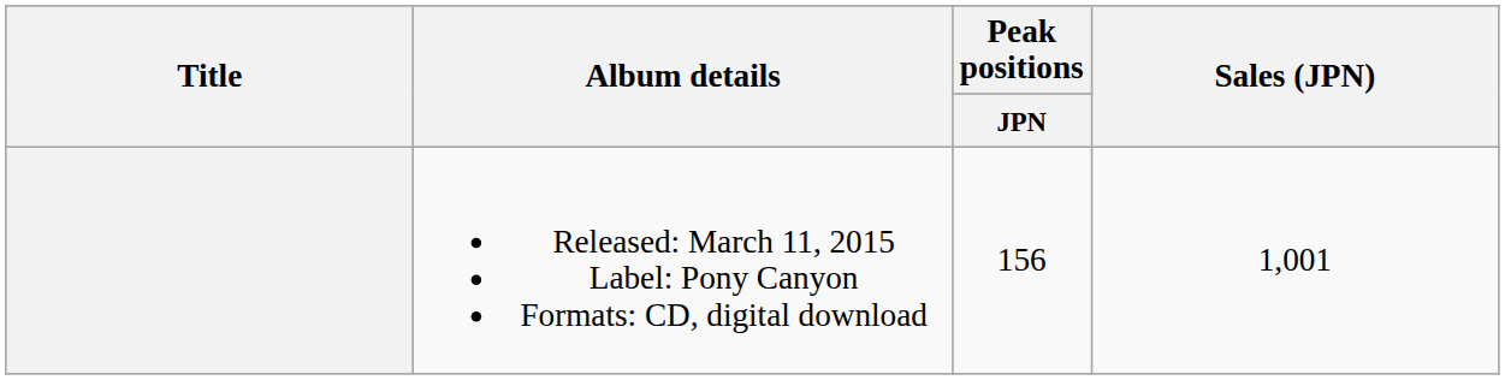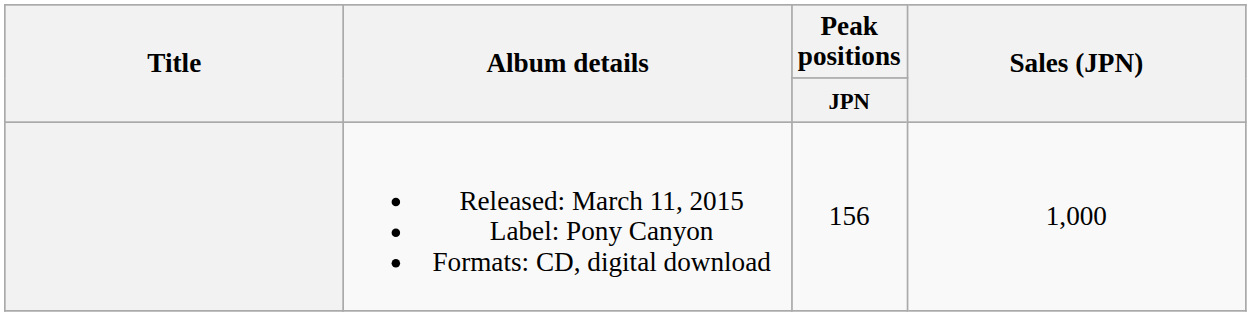 <table class="wikitable plainrowheaders" style="text-align:center;">
 <tr>
 <th style="width:12em;" rowspan="2">Title</th>
 <th style="width:16em;" rowspan="2">Album details</th>
 <th colspan="1">Peak positions</th>
 <th style="width:12em;" rowspan="2">Sales (JPN)</th>
 </tr>
 <tr>
 <th style="width:2.5em;"><small>JPN</small><br></th>
 </tr>
 <tr>
 <th scope="row"></th>
 <td><br><ul><li>Released: March 11, 2015 </li><li>Label: Pony Canyon</li><li>Formats: CD, digital download</li></ul></td>
 <td>156</td>
-<td>1,001</td>
+<td>1,000</td>
 </tr>
 </table>
